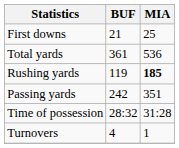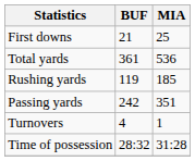 <table class="wikitable">
 <tr>
 <th>Statistics</th>
 <th>BUF</th>
 <th>MIA</th>
 </tr>
 <tr>
 <td>First downs</td>
 <td>21</td>
 <td>25</td>
 </tr>
 <tr>
 <td>Total yards</td>
 <td>361</td>
 <td>536</td>
 </tr>
 <tr>
 <td>Rushing yards</td>
 <td>119</td>
-<td><strong>185</strong></td>
+<td>185</td>
 </tr>
 <tr>
 <td>Passing yards</td>
 <td>242</td>
 <td>351</td>
 </tr>
 <tr>
+<td>Turnovers</td>
+<td>4</td>
+<td>1</td>
+</tr>
+<tr>
 <td>Time of possession</td>
 <td>28:32</td>
 <td>31:28</td>
 </tr>
 <tr>
-<td>Turnovers</td>
-<td>4</td>
-<td>1</td>
-</tr>
-<tr>
 </tr>
 </table>
